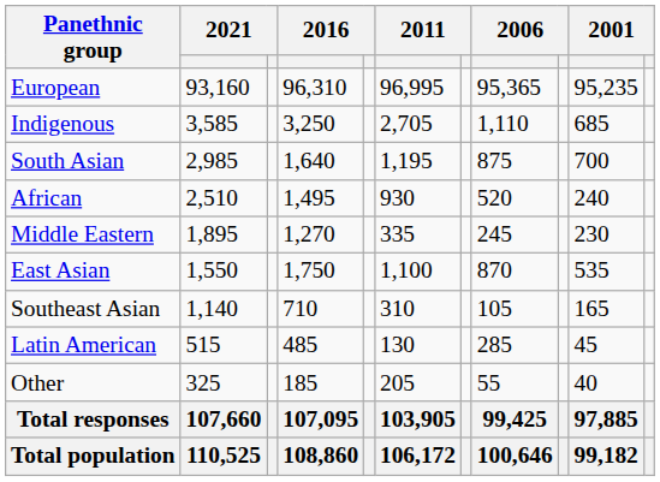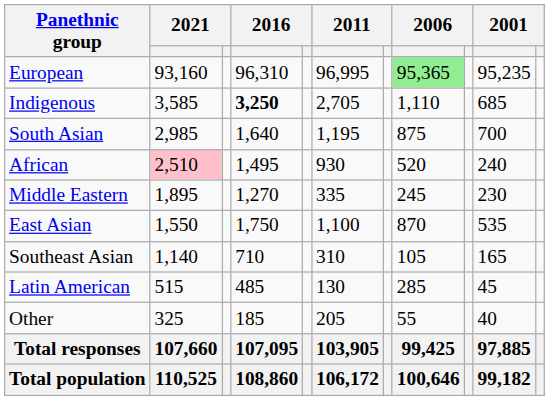 <table class="wikitable collapsible sortable">
 <tr>
 <th rowspan="2"><a href='#'>Panethnic</a><br>group</th>
 <th colspan="2">2021</th>
 <th colspan="2">2016</th>
 <th colspan="2">2011</th>
 <th colspan="2">2006</th>
 <th colspan="2">2001</th>
 </tr>
 <tr>
 <th><a href='#'></a></th>
 <th></th>
 <th></th>
 <th></th>
 <th></th>
 <th></th>
 <th></th>
 <th></th>
 <th></th>
 <th></th>
 </tr>
 <tr>
 <td><a href='#'>European</a></td>
 <td>93,160</td>
 <td></td>
 <td>96,310</td>
 <td></td>
 <td>96,995</td>
 <td></td>
-<td>95,365</td>
+<td style="background: lightgreen;">95,365</td>
 <td></td>
 <td>95,235</td>
 <td></td>
 </tr>
 <tr>
 <td><a href='#'>Indigenous</a></td>
 <td>3,585</td>
 <td></td>
-<td>3,250</td>
+<td><strong>3,250</strong></td>
 <td></td>
 <td>2,705</td>
 <td></td>
 <td>1,110</td>
 <td></td>
 <td>685</td>
 <td></td>
 </tr>
 <tr>
 <td><a href='#'>South Asian</a></td>
 <td>2,985</td>
 <td></td>
 <td>1,640</td>
 <td></td>
 <td>1,195</td>
 <td></td>
 <td>875</td>
 <td></td>
 <td>700</td>
 <td></td>
 </tr>
 <tr>
 <td><a href='#'>African</a></td>
-<td>2,510</td>
+<td style="background: pink;">2,510</td>
 <td></td>
 <td>1,495</td>
 <td></td>
 <td>930</td>
 <td></td>
 <td>520</td>
 <td></td>
 <td>240</td>
 <td></td>
 </tr>
 <tr>
 <td><a href='#'>Middle Eastern</a></td>
 <td>1,895</td>
 <td></td>
 <td>1,270</td>
 <td></td>
 <td>335</td>
 <td></td>
 <td>245</td>
 <td></td>
 <td>230</td>
 <td></td>
 </tr>
 <tr>
 <td><a href='#'>East Asian</a></td>
 <td>1,550</td>
 <td></td>
 <td>1,750</td>
 <td></td>
 <td>1,100</td>
 <td></td>
 <td>870</td>
 <td></td>
 <td>535</td>
 <td></td>
 </tr>
 <tr>
 <td>Southeast Asian</td>
 <td>1,140</td>
 <td></td>
 <td>710</td>
 <td></td>
 <td>310</td>
 <td></td>
 <td>105</td>
 <td></td>
 <td>165</td>
 <td></td>
 </tr>
 <tr>
 <td><a href='#'>Latin American</a></td>
 <td>515</td>
 <td></td>
 <td>485</td>
 <td></td>
 <td>130</td>
 <td></td>
 <td>285</td>
 <td></td>
 <td>45</td>
 <td></td>
 </tr>
 <tr>
 <td>Other</td>
 <td>325</td>
 <td></td>
 <td>185</td>
 <td></td>
 <td>205</td>
 <td></td>
 <td>55</td>
 <td></td>
 <td>40</td>
 <td></td>
 </tr>
 <tr>
 <th>Total responses</th>
 <th>107,660</th>
 <th></th>
 <th>107,095</th>
 <th></th>
 <th>103,905</th>
 <th></th>
 <th>99,425</th>
 <th></th>
 <th>97,885</th>
 <th></th>
 </tr>
 <tr>
 <th>Total population</th>
 <th>110,525</th>
 <th></th>
 <th>108,860</th>
 <th></th>
 <th>106,172</th>
 <th></th>
 <th>100,646</th>
 <th></th>
 <th>99,182</th>
 <th></th>
 </tr>
 </table>
